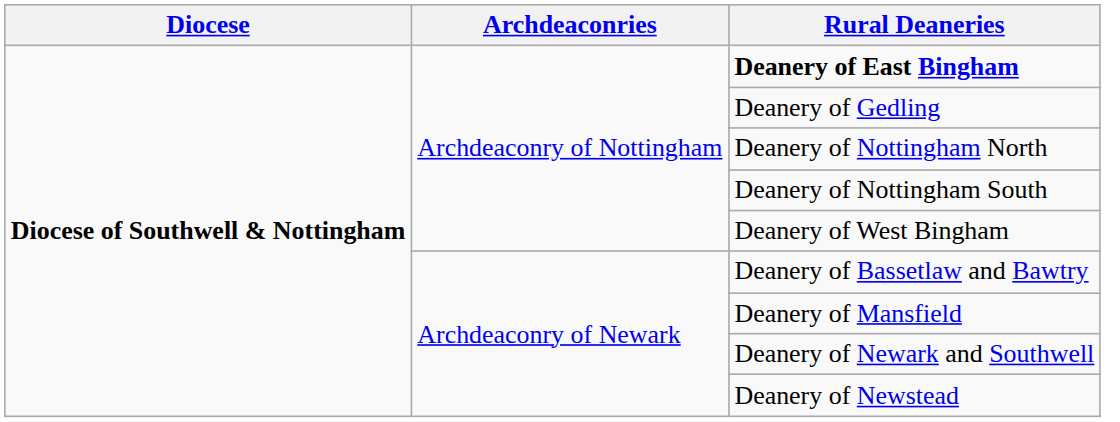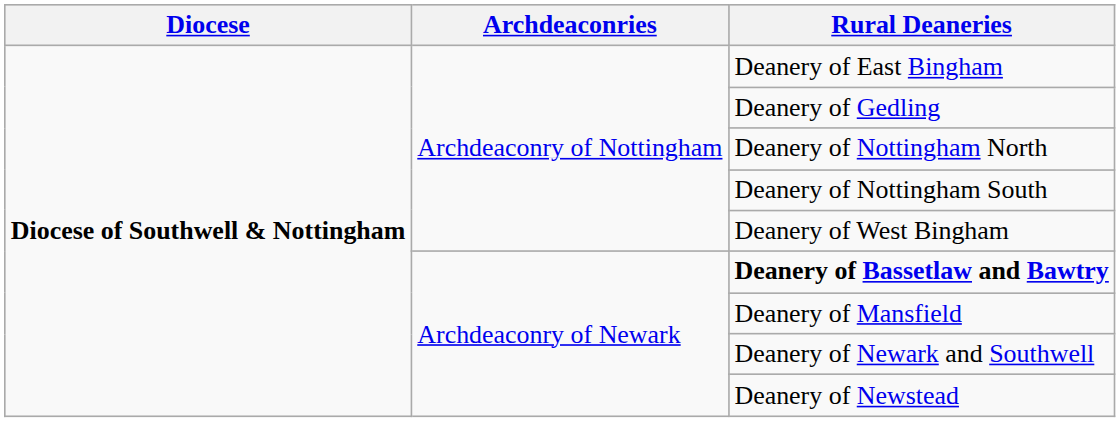 <table class="wikitable sortable">
 <tr>
 <th><a href='#'>Diocese</a></th>
 <th><a href='#'>Archdeaconries</a></th>
 <th><a href='#'>Rural Deaneries</a></th>
 </tr>
 <tr>
 <td rowspan="9"><strong>Diocese of Southwell & Nottingham</strong></td>
 <td rowspan="5"><a href='#'>Archdeaconry of Nottingham</a></td>
-<td><strong>Deanery of East <a href='#'>Bingham</a></strong></td>
+<td>Deanery of East <a href='#'>Bingham</a></td>
 </tr>
 <tr>
 <td>Deanery of <a href='#'>Gedling</a></td>
 </tr>
 <tr>
 <td>Deanery of <a href='#'>Nottingham</a> North</td>
 </tr>
 <tr>
 <td>Deanery of Nottingham South</td>
 </tr>
 <tr>
 <td>Deanery of West Bingham</td>
 </tr>
 <tr>
 <td rowspan="4"><a href='#'>Archdeaconry of Newark</a></td>
-<td>Deanery of <a href='#'>Bassetlaw</a> and <a href='#'>Bawtry</a></td>
+<td><strong>Deanery of <a href='#'>Bassetlaw</a> and <a href='#'>Bawtry</a></strong></td>
 </tr>
 <tr>
 <td>Deanery of <a href='#'>Mansfield</a></td>
 </tr>
 <tr>
 <td>Deanery of <a href='#'>Newark</a> and <a href='#'>Southwell</a></td>
 </tr>
 <tr>
 <td>Deanery of <a href='#'>Newstead</a></td>
 </tr>
 </table>
